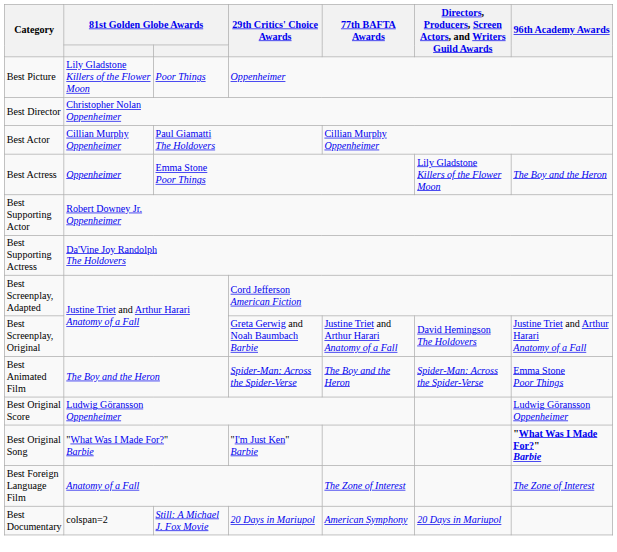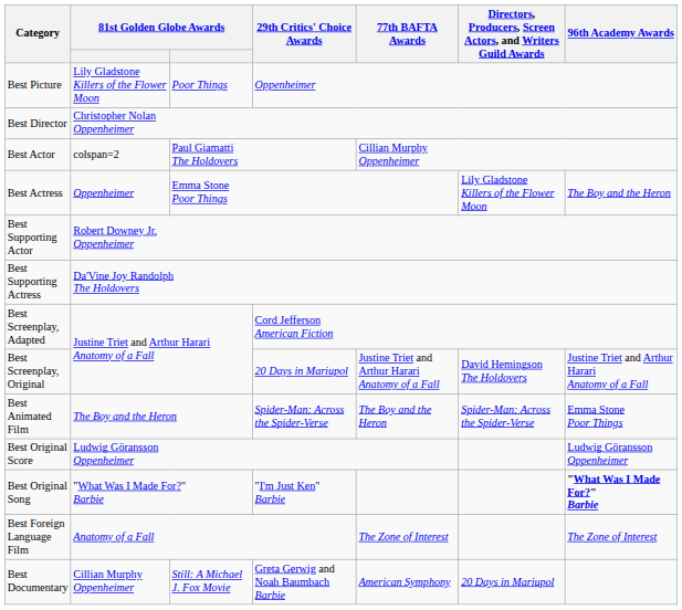 <table class="wikitable" style="font-size: 90%;">
 <tr>
 <th rowspan="2" style="width:20px;">Category</th>
 <th colspan="2" style="width:250px;"><a href='#'>81st Golden Globe Awards</a><br></th>
 <th rowspan="2" style="width:250px;"><a href='#'>29th Critics' Choice Awards</a><br></th>
 <th rowspan="2" style="width:250px;"><a href='#'>77th BAFTA Awards</a><br></th>
 <th rowspan="2" style="width:250px;"><a href='#'>Directors</a>, <a href='#'>Producers</a>, <a href='#'>Screen Actors</a>, and <a href='#'>Writers Guild Awards</a><br></th>
 <th rowspan="2" style="width:250px;"><a href='#'>96th Academy Awards</a><br></th>
 </tr>
 <tr>
 <th width=200></th>
 <th style="width:200px;"></th>
 </tr>
 <tr>
 <td>Best Picture</td>
 <td><a href='#'>Lily Gladstone</a><br><em><a href='#'>Killers of the Flower Moon</a></em></td>
 <td><em><a href='#'>Poor Things</a></em></td>
 <td colspan="4"><em><a href='#'>Oppenheimer</a></em></td>
 </tr>
 <tr>
 <td>Best Director</td>
 <td colspan="6"><a href='#'>Christopher Nolan</a><br><em><a href='#'>Oppenheimer</a></em></td>
 </tr>
 <tr>
 <td>Best Actor</td>
-<td><a href='#'>Cillian Murphy</a><br><em><a href='#'>Oppenheimer</a></em></td>
+<td>colspan=2 </td>
 <td colspan="2"><a href='#'>Paul Giamatti</a><br><em><a href='#'>The Holdovers</a></em></td>
 <td colspan="3"><a href='#'>Cillian Murphy</a><br><em><a href='#'>Oppenheimer</a></em></td>
 </tr>
 <tr>
 <td>Best Actress</td>
 <td><em><a href='#'>Oppenheimer</a></em></td>
 <td colspan="3"><a href='#'>Emma Stone</a><br><em><a href='#'>Poor Things</a></em></td>
 <td><a href='#'>Lily Gladstone</a><br><em><a href='#'>Killers of the Flower Moon</a></em></td>
 <td><em><a href='#'>The Boy and the Heron</a></em></td>
 </tr>
 <tr>
 <td>Best Supporting Actor</td>
 <td colspan="6"><a href='#'>Robert Downey Jr.</a><br><em><a href='#'>Oppenheimer</a></em></td>
 </tr>
 <tr>
 <td>Best Supporting Actress</td>
 <td colspan="6"><a href='#'>Da'Vine Joy Randolph</a><br><em><a href='#'>The Holdovers</a></em></td>
 </tr>
 <tr>
 <td>Best Screenplay, Adapted</td>
 <td colspan=2 rowspan=2><a href='#'>Justine Triet</a> and <a href='#'>Arthur Harari</a><br><em><a href='#'>Anatomy of a Fall</a></em></td>
 <td colspan="4"><a href='#'>Cord Jefferson</a><br><em><a href='#'>American Fiction</a></em></td>
 </tr>
 <tr>
 <td>Best Screenplay, Original</td>
-<td><a href='#'>Greta Gerwig</a> and <a href='#'>Noah Baumbach</a><br><em><a href='#'>Barbie</a></em></td>
+<td><em><a href='#'>20 Days in Mariupol</a></em></td>
 <td><a href='#'>Justine Triet</a> and <a href='#'>Arthur Harari</a><br><em><a href='#'>Anatomy of a Fall</a></em></td>
 <td><a href='#'>David Hemingson</a><br><em><a href='#'>The Holdovers</a></em></td>
 <td><a href='#'>Justine Triet</a> and <a href='#'>Arthur Harari</a><br><em><a href='#'>Anatomy of a Fall</a></em></td>
 </tr>
 <tr>
 <td>Best Animated Film</td>
 <td colspan="2"><em><a href='#'>The Boy and the Heron</a></em></td>
 <td><em><a href='#'>Spider-Man: Across the Spider-Verse</a></em></td>
 <td><em><a href='#'>The Boy and the Heron</a></em></td>
 <td><em><a href='#'>Spider-Man: Across the Spider-Verse</a></em></td>
 <td><a href='#'>Emma Stone</a><br><em><a href='#'>Poor Things</a></em></td>
 </tr>
 <tr>
 <td>Best Original Score</td>
 <td colspan="4"><a href='#'>Ludwig Göransson</a><br><em><a href='#'>Oppenheimer</a></em></td>
 <td></td>
 <td><a href='#'>Ludwig Göransson</a><br><em><a href='#'>Oppenheimer</a></em></td>
 </tr>
 <tr>
 <td>Best Original Song</td>
 <td colspan="2">"<a href='#'>What Was I Made For?</a>"<br> <em><a href='#'>Barbie</a></em></td>
 <td>"<a href='#'>I'm Just Ken</a>"<br> <em><a href='#'>Barbie</a></em></td>
 <td></td>
 <td></td>
 <td><strong>"<a href='#'>What Was I Made For?</a>"<br> <em><a href='#'>Barbie</a></em></strong></td>
 </tr>
 <tr>
 <td>Best Foreign Language Film</td>
 <td colspan="3"><em><a href='#'>Anatomy of a Fall</a></em></td>
 <td><em><a href='#'>The Zone of Interest</a></em></td>
 <td></td>
 <td><em><a href='#'>The Zone of Interest</a></em></td>
 </tr>
 <tr>
 <td>Best Documentary</td>
-<td>colspan=2 </td>
+<td><a href='#'>Cillian Murphy</a><br><em><a href='#'>Oppenheimer</a></em></td>
 <td><em><a href='#'>Still: A Michael J. Fox Movie</a></em></td>
-<td><em><a href='#'>20 Days in Mariupol</a></em></td>
+<td><a href='#'>Greta Gerwig</a> and <a href='#'>Noah Baumbach</a><br><em><a href='#'>Barbie</a></em></td>
 <td><em><a href='#'>American Symphony</a></em></td>
 <td><em><a href='#'>20 Days in Mariupol</a></em></td>
 </tr>
 </table>
